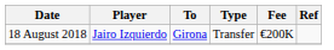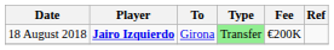 <table class="wikitable">
 <tr>
 <th>Date</th>
 <th>Player</th>
 <th>To</th>
 <th>Type</th>
 <th>Fee</th>
 <th>Ref</th>
 </tr>
 <tr>
 <td>18 August 2018</td>
-<td> <a href='#'>Jairo Izquierdo</a></td>
+<td><strong> <a href='#'>Jairo Izquierdo</a></strong></td>
 <td> <a href='#'>Girona</a></td>
-<td>Transfer</td>
+<td style="background: lightgreen;">Transfer</td>
 <td>€200K</td>
 <td></td>
 </tr>
 <tr>
 </tr>
 </table>
